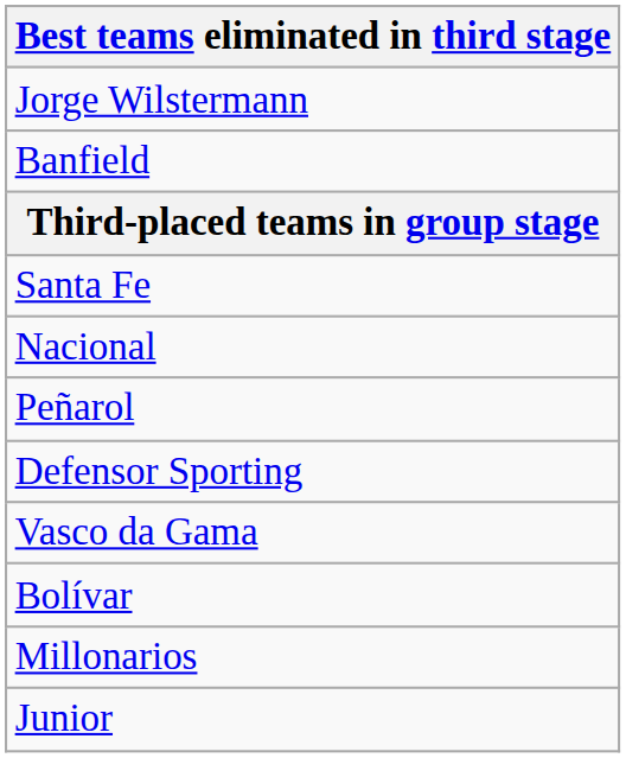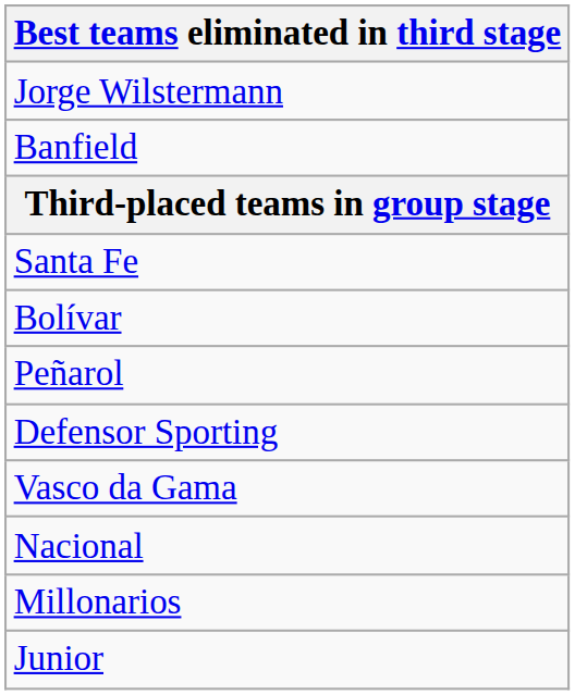 <table class="wikitable">
 <tr>
 <th><a href='#'>Best teams</a> eliminated in <a href='#'>third stage</a></th>
 </tr>
 <tr>
 <td> <a href='#'>Jorge Wilstermann</a></td>
 </tr>
 <tr>
 <td> <a href='#'>Banfield</a></td>
 </tr>
 <tr>
 <th>Third-placed teams in <a href='#'>group stage</a></th>
 </tr>
 <tr>
 <td> <a href='#'>Santa Fe</a></td>
 </tr>
 <tr>
-<td> <a href='#'>Nacional</a></td>
+<td> <a href='#'>Bolívar</a></td>
 </tr>
 <tr>
 <td> <a href='#'>Peñarol</a></td>
 </tr>
 <tr>
 <td> <a href='#'>Defensor Sporting</a></td>
 </tr>
 <tr>
 <td> <a href='#'>Vasco da Gama</a></td>
 </tr>
 <tr>
-<td> <a href='#'>Bolívar</a></td>
+<td> <a href='#'>Nacional</a></td>
 </tr>
 <tr>
 <td> <a href='#'>Millonarios</a></td>
 </tr>
 <tr>
 <td> <a href='#'>Junior</a></td>
 </tr>
 </table>
